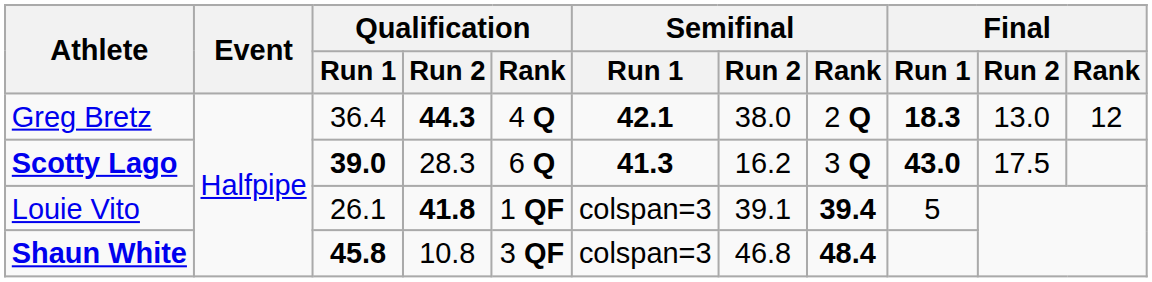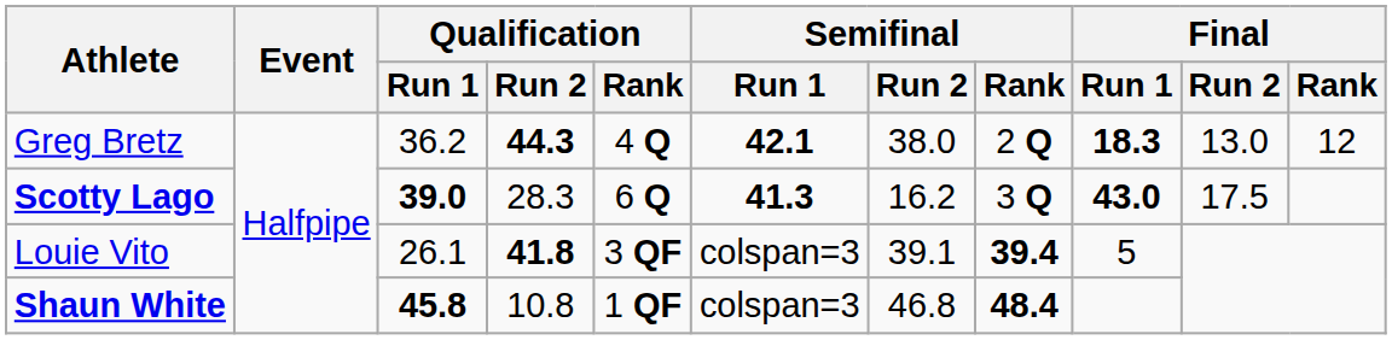 <table class=wikitable style=font-size:90%;text-align:center>
 <tr>
 <th rowspan=2>Athlete</th>
 <th rowspan=2>Event</th>
 <th colspan=3>Qualification</th>
 <th colspan=3>Semifinal</th>
 <th colspan=3>Final</th>
 </tr>
 <tr style=font-size:95%>
 <th>Run 1</th>
 <th>Run 2</th>
 <th>Rank</th>
 <th>Run 1</th>
 <th>Run 2</th>
 <th>Rank</th>
 <th>Run 1</th>
 <th>Run 2</th>
 <th>Rank</th>
 </tr>
 <tr>
 <td align=left><a href='#'>Greg Bretz</a></td>
 <td align=left rowspan=4><a href='#'>Halfpipe</a></td>
-<td>36.4</td>
+<td>36.2</td>
 <td><strong>44.3</strong></td>
 <td>4 <strong>Q</strong></td>
 <td><strong>42.1</strong></td>
 <td>38.0</td>
 <td>2 <strong>Q</strong></td>
 <td><strong>18.3</strong></td>
 <td>13.0</td>
 <td>12</td>
 </tr>
 <tr>
 <td align=left><strong><a href='#'>Scotty Lago</a></strong></td>
 <td><strong>39.0</strong></td>
 <td>28.3</td>
 <td>6 <strong>Q</strong></td>
 <td><strong>41.3</strong></td>
 <td>16.2</td>
 <td>3 <strong>Q</strong></td>
 <td><strong>43.0</strong></td>
 <td>17.5</td>
 <td></td>
 </tr>
 <tr>
 <td align=left><a href='#'>Louie Vito</a></td>
 <td>26.1</td>
 <td><strong>41.8</strong></td>
-<td>1 <strong>QF</strong></td>
+<td>3 <strong>QF</strong></td>
 <td>colspan=3 </td>
 <td>39.1</td>
 <td><strong>39.4</strong></td>
 <td>5</td>
 </tr>
 <tr>
 <td align=left><strong><a href='#'>Shaun White</a></strong></td>
 <td><strong>45.8</strong></td>
 <td>10.8</td>
-<td>3 <strong>QF</strong></td>
+<td>1 <strong>QF</strong></td>
 <td>colspan=3 </td>
 <td>46.8</td>
 <td><strong>48.4</strong></td>
 <td></td>
 </tr>
 </table>
